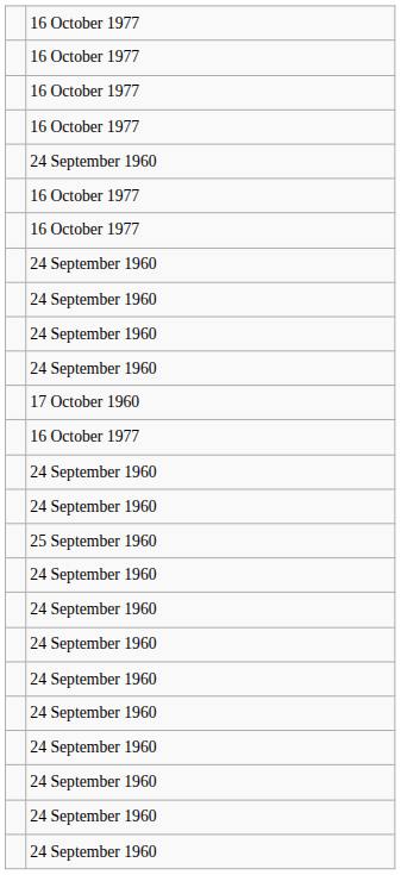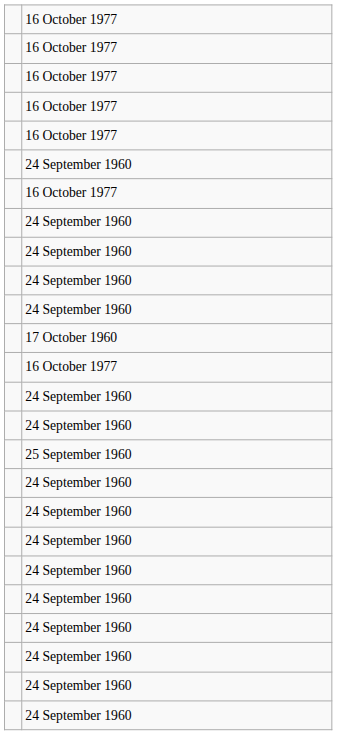 <table class="wikitable" style="font-size: 89%; float: left; width: 24em; margin-right: 1em; line-height: 1.65em">
 <tr>
 <td></td>
 <td>16 October 1977</td>
 </tr>
 <tr>
 <td></td>
 <td>16 October 1977</td>
 </tr>
 <tr>
 <td></td>
 <td>16 October 1977</td>
 </tr>
 <tr>
 <td></td>
 <td>16 October 1977</td>
 </tr>
 <tr>
 <td></td>
-<td>24 September 1960</td>
+<td>16 October 1977</td>
 </tr>
 <tr>
 <td></td>
-<td>16 October 1977</td>
+<td>24 September 1960</td>
 </tr>
 <tr>
 <td></td>
 <td>16 October 1977</td>
 </tr>
 <tr>
 <td></td>
 <td>24 September 1960</td>
 </tr>
 <tr>
 <td></td>
 <td>24 September 1960</td>
 </tr>
 <tr>
 <td></td>
 <td>24 September 1960</td>
 </tr>
 <tr>
 <td></td>
 <td>24 September 1960</td>
 </tr>
 <tr>
 <td></td>
 <td>17 October 1960</td>
 </tr>
 <tr>
 <td></td>
 <td>16 October 1977</td>
 </tr>
 <tr>
 <td></td>
 <td>24 September 1960</td>
 </tr>
 <tr>
 <td></td>
 <td>24 September 1960</td>
 </tr>
 <tr>
 <td></td>
 <td>25 September 1960</td>
 </tr>
 <tr>
 <td></td>
 <td>24 September 1960</td>
 </tr>
 <tr>
 <td></td>
 <td>24 September 1960</td>
 </tr>
 <tr>
 <td></td>
 <td>24 September 1960</td>
 </tr>
 <tr>
 <td></td>
 <td>24 September 1960</td>
 </tr>
 <tr>
 <td></td>
 <td>24 September 1960</td>
 </tr>
 <tr>
 <td></td>
 <td>24 September 1960</td>
 </tr>
 <tr>
 <td></td>
 <td>24 September 1960</td>
 </tr>
 <tr>
 <td></td>
 <td>24 September 1960</td>
 </tr>
 <tr>
 <td></td>
 <td>24 September 1960</td>
 </tr>
 </table>
